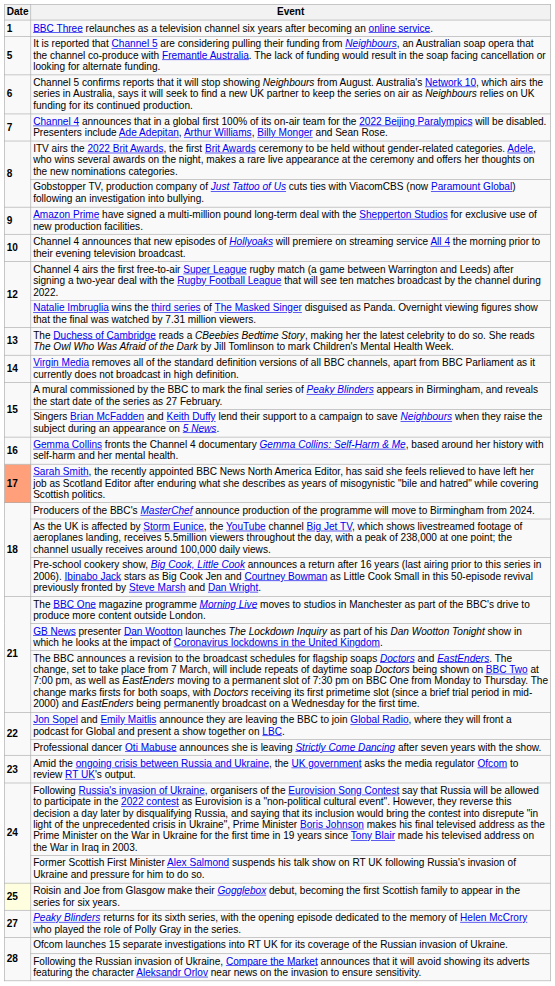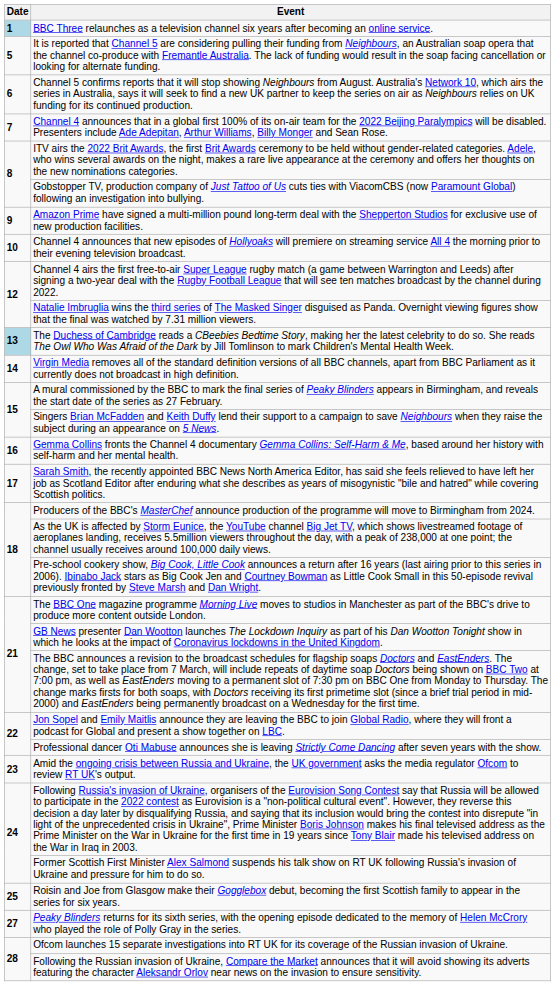 <table class="wikitable">
 <tr>
 <th>Date</th>
 <th>Event</th>
 </tr>
 <tr>
-<td><strong>1</strong></td>
+<td style="background: lightblue;"><strong>1</strong></td>
 <td><a href='#'>BBC Three</a> relaunches as a television channel six years after becoming an <a href='#'>online service</a>.</td>
 </tr>
 <tr>
 <td><strong>5</strong></td>
 <td>It is reported that <a href='#'>Channel 5</a> are considering pulling their funding from <em><a href='#'>Neighbours</a></em>, an Australian soap opera that the channel co-produce with <a href='#'>Fremantle Australia</a>. The lack of funding would result in the soap facing cancellation or looking for alternate funding.</td>
 </tr>
 <tr>
 <td><strong>6</strong></td>
 <td>Channel 5 confirms reports that it will stop showing <em>Neighbours</em> from August. Australia's <a href='#'>Network 10</a>, which airs the series in Australia, says it will seek to find a new UK partner to keep the series on air as <em>Neighbours</em> relies on UK funding for its continued production.</td>
 </tr>
 <tr>
 <td><strong>7</strong></td>
 <td><a href='#'>Channel 4</a> announces that in a global first 100% of its on-air team for the <a href='#'>2022 Beijing Paralympics</a> will be disabled. Presenters include <a href='#'>Ade Adepitan</a>, <a href='#'>Arthur Williams</a>, <a href='#'>Billy Monger</a> and Sean Rose.</td>
 </tr>
 <tr>
 <td rowspan=2><strong>8</strong></td>
 <td>ITV airs the <a href='#'>2022 Brit Awards</a>, the first <a href='#'>Brit Awards</a> ceremony to be held without gender-related categories. <a href='#'>Adele</a>, who wins several awards on the night, makes a rare live appearance at the ceremony and offers her thoughts on the new nominations categories.</td>
 </tr>
 <tr>
 <td>Gobstopper TV, production company of <em><a href='#'>Just Tattoo of Us</a></em> cuts ties with ViacomCBS (now <a href='#'>Paramount Global</a>) following an investigation into bullying.</td>
 </tr>
 <tr>
 <td><strong>9</strong></td>
 <td><a href='#'>Amazon Prime</a> have signed a multi-million pound long-term deal with the <a href='#'>Shepperton Studios</a> for exclusive use of new production facilities.</td>
 </tr>
 <tr>
 <td><strong>10</strong></td>
 <td>Channel 4 announces that new episodes of <em><a href='#'>Hollyoaks</a></em> will premiere on streaming service <a href='#'>All 4</a> the morning prior to their evening television broadcast.</td>
 </tr>
 <tr>
 <td rowspan=2><strong>12</strong></td>
 <td>Channel 4 airs the first free-to-air <a href='#'>Super League</a> rugby match (a game between Warrington and Leeds) after signing a two-year deal with the <a href='#'>Rugby Football League</a> that will see ten matches broadcast by the channel during 2022.</td>
 </tr>
 <tr>
 <td><a href='#'>Natalie Imbruglia</a> wins the <a href='#'>third series</a> of <a href='#'>The Masked Singer</a> disguised as Panda. Overnight viewing figures show that the final was watched by 7.31 million viewers.</td>
 </tr>
 <tr>
-<td><strong>13</strong></td>
+<td style="background: lightblue;"><strong>13</strong></td>
 <td>The <a href='#'>Duchess of Cambridge</a> reads a <em>CBeebies Bedtime Story</em>, making her the latest celebrity to do so. She reads <em>The Owl Who Was Afraid of the Dark</em> by Jill Tomlinson to mark Children's Mental Health Week.</td>
 </tr>
 <tr>
 <td><strong>14</strong></td>
 <td><a href='#'>Virgin Media</a> removes all of the standard definition versions of all BBC channels, apart from BBC Parliament as it currently does not broadcast in high definition.</td>
 </tr>
 <tr>
 <td rowspan=2><strong>15</strong></td>
 <td>A mural commissioned by the BBC to mark the final series of <em><a href='#'>Peaky Blinders</a></em> appears in Birmingham, and reveals the start date of the series as 27 February.</td>
 </tr>
 <tr>
 <td>Singers <a href='#'>Brian McFadden</a> and <a href='#'>Keith Duffy</a> lend their support to a campaign to save <em><a href='#'>Neighbours</a></em> when they raise the subject during an appearance on <em><a href='#'>5 News</a></em>.</td>
 </tr>
 <tr>
 <td><strong>16</strong></td>
 <td><a href='#'>Gemma Collins</a> fronts the Channel 4 documentary <em><a href='#'>Gemma Collins: Self-Harm & Me</a></em>, based around her history with self-harm and her mental health.</td>
 </tr>
 <tr>
-<td style="background: lightsalmon;"><strong>17</strong></td>
+<td><strong>17</strong></td>
 <td><a href='#'>Sarah Smith</a>, the recently appointed BBC News North America Editor, has said she feels relieved to have left her job as Scotland Editor after enduring what she describes as years of misogynistic "bile and hatred" while covering Scottish politics.</td>
 </tr>
 <tr>
 <td rowspan=3><strong>18</strong></td>
 <td>Producers of the BBC's <em><a href='#'>MasterChef</a></em> announce production of the programme will move to Birmingham from 2024.</td>
 </tr>
 <tr>
 <td>As the UK is affected by <a href='#'>Storm Eunice</a>, the <a href='#'>YouTube</a> channel <a href='#'>Big Jet TV</a>, which shows livestreamed footage of aeroplanes landing, receives 5.5million viewers throughout the day, with a peak of 238,000 at one point; the channel usually receives around 100,000 daily views.</td>
 </tr>
 <tr>
 <td>Pre-school cookery show, <em><a href='#'>Big Cook, Little Cook</a></em> announces a return after 16 years (last airing prior to this series in 2006). <a href='#'>Ibinabo Jack</a> stars as Big Cook Jen and <a href='#'>Courtney Bowman</a> as Little Cook Small in this 50-episode revival previously fronted by <a href='#'>Steve Marsh</a> and <a href='#'>Dan Wright</a>.</td>
 </tr>
 <tr>
 <td rowspan=3><strong>21</strong></td>
 <td>The <a href='#'>BBC One</a> magazine programme <em><a href='#'>Morning Live</a></em> moves to studios in Manchester as part of the BBC's drive to produce more content outside London.</td>
 </tr>
 <tr>
 <td><a href='#'>GB News</a> presenter <a href='#'>Dan Wootton</a> launches <em>The Lockdown Inquiry</em> as part of his <em>Dan Wootton Tonight</em> show in which he looks at the impact of <a href='#'>Coronavirus lockdowns in the United Kingdom</a>.</td>
 </tr>
 <tr>
 <td>The BBC announces a revision to the broadcast schedules for flagship soaps <em><a href='#'>Doctors</a></em> and <em><a href='#'>EastEnders</a></em>. The change, set to take place from 7 March, will include repeats of daytime soap <em>Doctors</em> being shown on <a href='#'>BBC Two</a> at 7:00 pm, as well as <em>EastEnders</em> moving to a permanent slot of 7:30 pm on BBC One from Monday to Thursday. The change marks firsts for both soaps, with <em>Doctors</em> receiving its first primetime slot (since a brief trial period in mid-2000) and <em>EastEnders</em> being permanently broadcast on a Wednesday for the first time.</td>
 </tr>
 <tr>
 <td rowspan=2><strong>22</strong></td>
 <td><a href='#'>Jon Sopel</a> and <a href='#'>Emily Maitlis</a> announce they are leaving the BBC to join <a href='#'>Global Radio</a>, where they will front a podcast for Global and present a show together on <a href='#'>LBC</a>.</td>
 </tr>
 <tr>
 <td>Professional dancer <a href='#'>Oti Mabuse</a> announces she is leaving <em><a href='#'>Strictly Come Dancing</a></em> after seven years with the show.</td>
 </tr>
 <tr>
 <td><strong>23</strong></td>
 <td>Amid the <a href='#'>ongoing crisis between Russia and Ukraine</a>, the <a href='#'>UK government</a> asks the media regulator <a href='#'>Ofcom</a> to review <a href='#'>RT UK</a>'s output.</td>
 </tr>
 <tr>
 <td rowspan=2><strong>24</strong></td>
 <td>Following <a href='#'>Russia's invasion of Ukraine</a>, organisers of the <a href='#'>Eurovision Song Contest</a> say that Russia will be allowed to participate in the <a href='#'>2022 contest</a> as Eurovision is a "non-political cultural event". However, they reverse this decision a day later by disqualifying Russia, and saying that its inclusion would bring the contest into disrepute "in light of the unprecedented crisis in Ukraine", Prime Minister <a href='#'>Boris Johnson</a> makes his final televised address as the Prime Minister on the War in Ukraine for the first time in 19 years since <a href='#'>Tony Blair</a> made his televised address on the War in Iraq in 2003.</td>
 </tr>
 <tr>
 <td>Former Scottish First Minister <a href='#'>Alex Salmond</a> suspends his talk show on RT UK following Russia's invasion of Ukraine and pressure for him to do so.</td>
 </tr>
 <tr>
-<td style="background: lightyellow;"><strong>25</strong></td>
+<td><strong>25</strong></td>
 <td>Roisin and Joe from Glasgow make their <em><a href='#'>Gogglebox</a></em> debut, becoming the first Scottish family to appear in the series for six years.</td>
 </tr>
 <tr>
 <td><strong>27</strong></td>
 <td><em><a href='#'>Peaky Blinders</a></em> returns for its sixth series, with the opening episode dedicated to the memory of <a href='#'>Helen McCrory</a> who played the role of Polly Gray in the series.</td>
 </tr>
 <tr>
 <td rowspan=2><strong>28</strong></td>
 <td>Ofcom launches 15 separate investigations into RT UK for its coverage of the Russian invasion of Ukraine.</td>
 </tr>
 <tr>
 <td>Following the Russian invasion of Ukraine, <a href='#'>Compare the Market</a> announces that it will avoid showing its adverts featuring the character <a href='#'>Aleksandr Orlov</a> near news on the invasion to ensure sensitivity.</td>
 </tr>
 </table>
